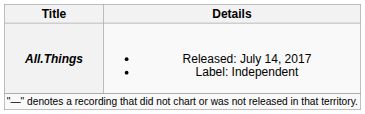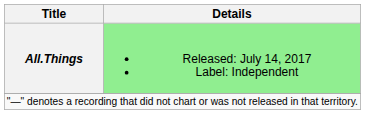 <table class="wikitable plainrowheaders" style="text-align:center;">
 <tr>
 <th scope="col">Title</th>
 <th scope="col">Details</th>
 </tr>
 <tr>
 <th scope="row"><em>All.Things</em></th>
-<td><br><ul><li>Released: July 14, 2017</li><li>Label:  Independent</li></ul></td>
+<td style="background: lightgreen;"><br><ul><li>Released: July 14, 2017</li><li>Label:  Independent</li></ul></td>
 </tr>
 <tr>
 </tr>
 <tr>
 <td colspan="10" style="font-size:85%">"—" denotes a recording that did not chart or was not released in that territory.</td>
 </tr>
 </table>
